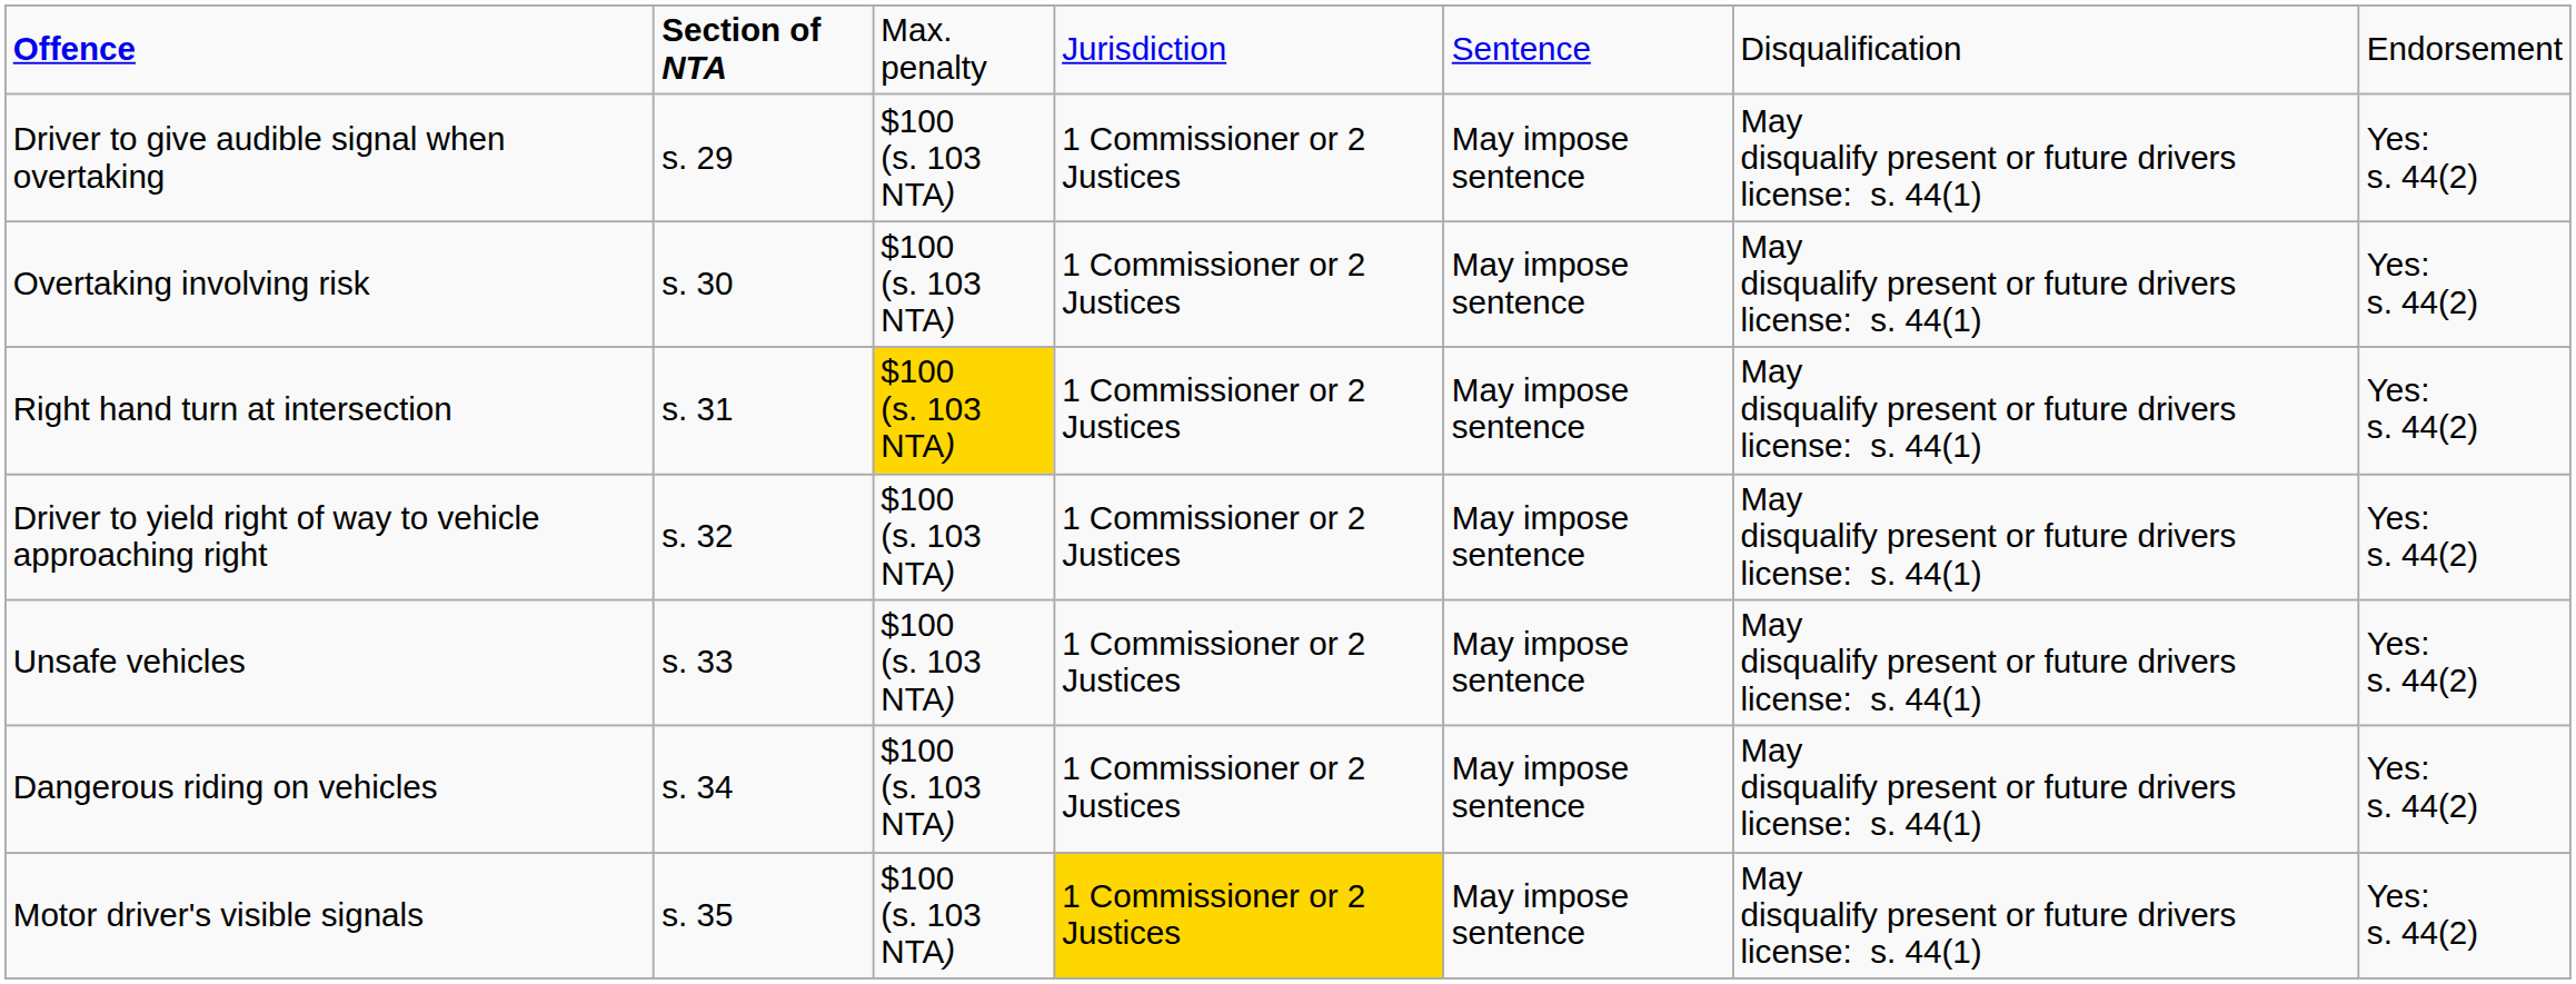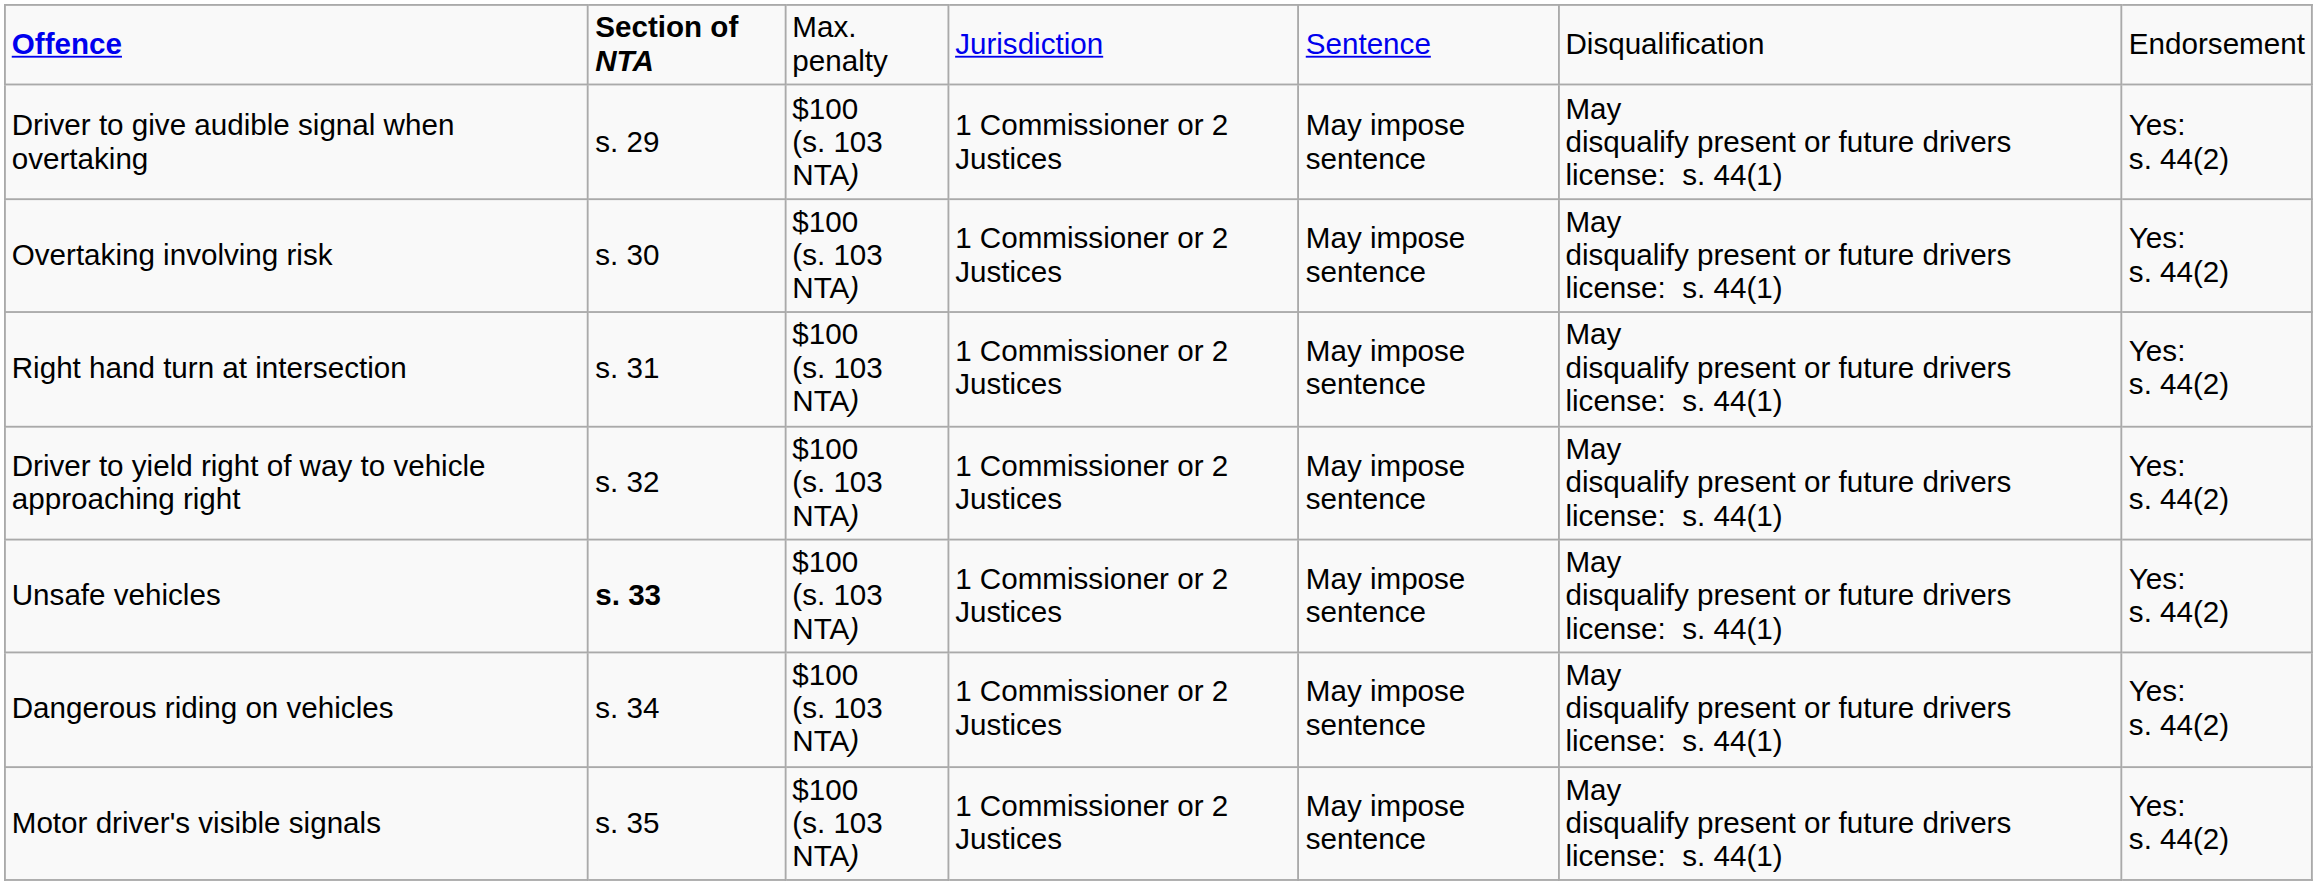 <table class="wikitable sortable mw-collapsible mw-collapsed">
 <tr>
 <td><strong><a href='#'>Offence</a></strong></td>
 <td><strong>Section of <em>NTA<strong><em></td>
 <td></strong>Max. penalty<strong></td>
 <td></strong><a href='#'>Jurisdiction</a><strong></td>
 <td></strong><a href='#'>Sentence</a><strong></td>
 <td></strong>Disqualification<strong></td>
 <td></strong>Endorsement<strong></td>
 </tr>
 <tr>
 <td>Driver to give audible signal when overtaking</td>
 <td></em>s. 29<em></td>
 <td>$100<br>(</em>s. 103<em><br></em>NTA<em>)</td>
 <td>1 Commissioner or 2 Justices</td>
 <td>May impose sentence</td>
 <td>May<br>disqualify present or future drivers license:  </em>s. 44(1)<em></td>
 <td>Yes:  <br></em>s. 44(2)<em></td>
 </tr>
 <tr>
 <td>Overtaking involving risk</td>
 <td></em>s. 30<em></td>
 <td>$100<br>(</em>s. 103<em><br></em>NTA<em>)</td>
 <td>1 Commissioner or 2 Justices</td>
 <td>May impose sentence</td>
 <td>May<br>disqualify present or future drivers license:  </em>s. 44(1)<em></td>
 <td>Yes:<br></em>s. 44(2)<em></td>
 </tr>
 <tr>
 <td>Right hand turn at intersection</td>
 <td></em>s. 31<em></td>
-<td style="background: gold;">$100<br>(</em>s. 103<em><br></em>NTA<em>)</td>
+<td>$100<br>(</em>s. 103<em><br></em>NTA<em>)</td>
 <td>1 Commissioner or 2 Justices</td>
 <td>May impose sentence</td>
 <td>May<br>disqualify present or future drivers license:  </em>s. 44(1)<em></td>
 <td>Yes:<br></em>s. 44(2)<em></td>
 </tr>
 <tr>
 <td>Driver to yield right of way to vehicle approaching right</td>
 <td></em>s. 32<em></td>
 <td>$100<br>(</em>s. 103<em><br></em>NTA<em>)</td>
 <td>1 Commissioner or 2 Justices</td>
 <td>May impose sentence</td>
 <td>May<br>disqualify present or future drivers license:  </em>s. 44(1)<em></td>
 <td>Yes:<br></em>s. 44(2)<em></td>
 </tr>
 <tr>
 <td>Unsafe vehicles</td>
-<td></em>s. 33<em></td>
+<td><strong></em>s. 33<em></strong></td>
 <td>$100<br>(</em>s. 103<em><br></em>NTA<em>)</td>
 <td>1 Commissioner or 2 Justices</td>
 <td>May impose sentence</td>
 <td>May<br>disqualify present or future drivers license:  </em>s. 44(1)<em></td>
 <td>Yes:<br></em>s. 44(2)<em></td>
 </tr>
 <tr>
 <td>Dangerous riding on vehicles</td>
 <td></em>s. 34<em></td>
 <td>$100<br>(</em>s. 103<em><br></em>NTA<em>)</td>
 <td>1 Commissioner or 2 Justices</td>
 <td>May impose sentence</td>
 <td>May<br>disqualify present or future drivers license:  </em>s. 44(1)<em></td>
 <td>Yes:<br></em>s. 44(2)<em></td>
 </tr>
 <tr>
 <td>Motor driver's visible signals</td>
 <td></em>s. 35<em></td>
 <td>$100<br>(</em>s. 103<em><br></em>NTA<em>)</td>
-<td style="background: gold;">1 Commissioner or 2 Justices</td>
+<td>1 Commissioner or 2 Justices</td>
 <td>May impose sentence</td>
 <td>May<br>disqualify present or future drivers license:  </em>s. 44(1)<em></td>
 <td>Yes:<br></em>s. 44(2)<em></td>
 </tr>
 </table>
